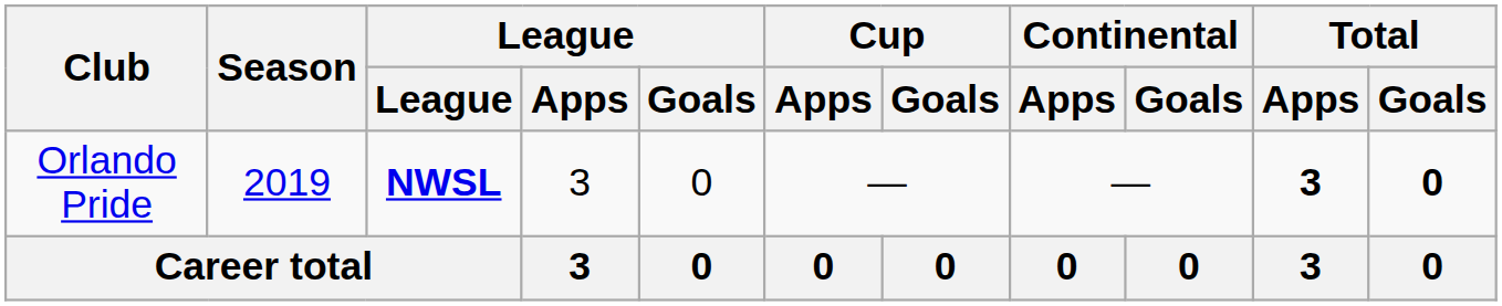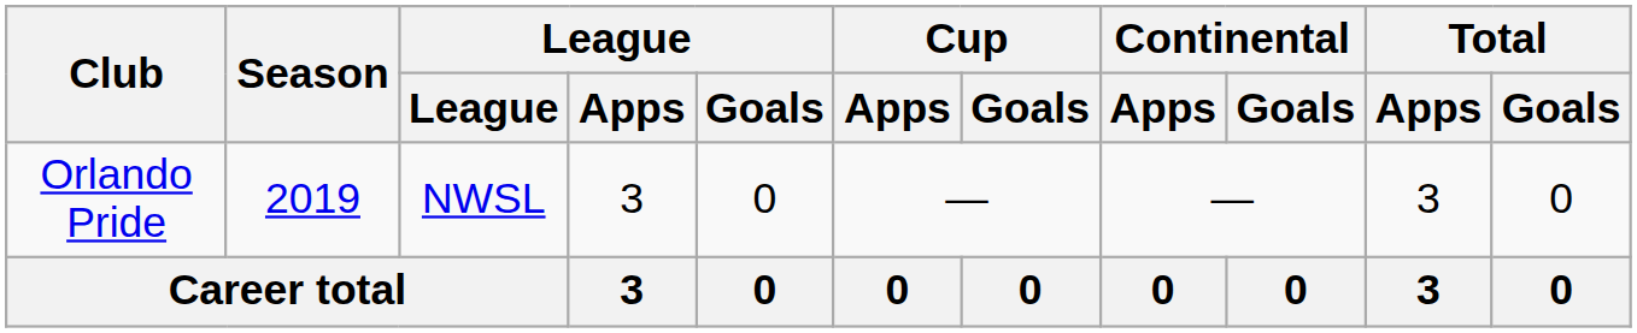 <table class="wikitable" style="text-align: center;">
 <tr>
 <th rowspan="2">Club</th>
 <th rowspan="2">Season</th>
 <th colspan="3">League</th>
 <th colspan="2">Cup</th>
 <th colspan="2">Continental</th>
 <th colspan="2">Total</th>
 </tr>
 <tr>
 <th>League</th>
 <th>Apps</th>
 <th>Goals</th>
 <th>Apps</th>
 <th>Goals</th>
 <th>Apps</th>
 <th>Goals</th>
 <th>Apps</th>
 <th>Goals</th>
 </tr>
 <tr>
 <td><a href='#'>Orlando Pride</a></td>
 <td><a href='#'>2019</a></td>
-<td><strong><a href='#'>NWSL</a></strong></td>
+<td><a href='#'>NWSL</a></td>
 <td>3</td>
 <td>0</td>
 <td colspan="2">—</td>
 <td colspan="2">—</td>
-<td><strong>3</strong></td>
-<td><strong>0</strong></td>
+<td>3</td>
+<td>0</td>
 </tr>
 <tr>
 <th colspan="3">Career total</th>
 <th>3</th>
 <th>0</th>
 <th>0</th>
 <th>0</th>
 <th>0</th>
 <th>0</th>
 <th>3</th>
 <th>0</th>
 </tr>
 </table>
